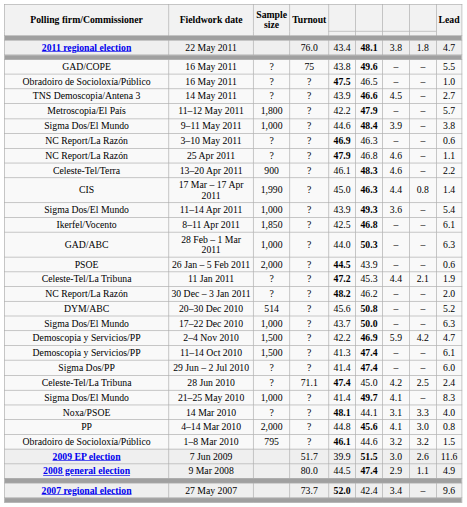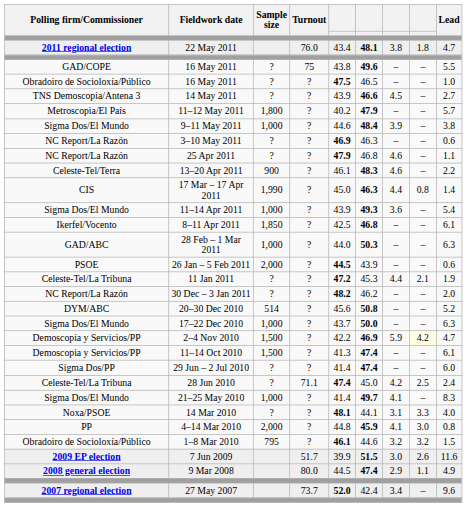 <table class="wikitable collapsible collapsed" style="text-align:center; font-size:95%; line-height:16px;">
 <tr style="height:42px;">
 <th style="width:250px;" rowspan="2">Polling firm/Commissioner</th>
 <th style="width:125px;" rowspan="2">Fieldwork date</th>
 <th style="width:50px;" rowspan="2">Sample size</th>
 <th style="width:45px;" rowspan="2">Turnout</th>
 <th style="width:35px;"></th>
 <th style="width:35px;"></th>
 <th style="width:35px;"></th>
 <th style="width:35px;"></th>
 <th style="width:30px;" rowspan="2">Lead</th>
 </tr>
 <tr>
 <th style="color:inherit;background:"></th>
 <th style="color:inherit;background:"></th>
 <th style="color:inherit;background:"></th>
 <th style="color:inherit;background:"></th>
 </tr>
 <tr>
 <td colspan="9" style="background:#A0A0A0"></td>
 </tr>
 <tr style="background:#EFEFEF;">
 <td><strong><a href='#'>2011 regional election</a></strong></td>
 <td>22 May 2011</td>
 <td></td>
 <td>76.0</td>
 <td>43.4<br></td>
 <td><strong>48.1</strong><br></td>
 <td>3.8<br></td>
 <td>1.8<br></td>
 <td style="background:">4.7</td>
 </tr>
 <tr>
 <td colspan="9" style="background:#A0A0A0"></td>
 </tr>
 <tr>
 <td>GAD/COPE</td>
 <td>16 May 2011</td>
 <td>?</td>
 <td>75</td>
 <td>43.8<br></td>
 <td><strong>49.6</strong><br></td>
 <td>–</td>
 <td>–</td>
 <td style="background:">5.5</td>
 </tr>
 <tr>
 <td>Obradoiro de Socioloxía/Público</td>
 <td>16 May 2011</td>
 <td>?</td>
 <td>?</td>
 <td><strong>47.5</strong><br></td>
 <td>46.5<br></td>
 <td>–</td>
 <td>–</td>
 <td style="background:">1.0</td>
 </tr>
 <tr>
 <td>TNS Demoscopia/Antena 3</td>
 <td>14 May 2011</td>
 <td>?</td>
 <td>?</td>
 <td>43.9<br></td>
 <td><strong>46.6</strong><br></td>
 <td>4.5<br></td>
 <td>–</td>
 <td style="background:">2.7</td>
 </tr>
 <tr>
 <td>Metroscopia/El País</td>
 <td>11–12 May 2011</td>
 <td>1,800</td>
 <td>?</td>
-<td>42.2<br></td>
+<td>40.2<br></td>
 <td><strong>47.9</strong><br></td>
 <td>–</td>
 <td>–</td>
 <td style="background:">5.7</td>
 </tr>
 <tr>
 <td>Sigma Dos/El Mundo</td>
 <td>9–11 May 2011</td>
 <td>1,000</td>
 <td>?</td>
 <td>44.6<br></td>
 <td><strong>48.4</strong><br></td>
 <td>3.9<br></td>
 <td>–</td>
 <td style="background:">3.8</td>
 </tr>
 <tr>
 <td>NC Report/La Razón</td>
 <td>3–10 May 2011</td>
 <td>?</td>
 <td>?</td>
 <td><strong>46.9</strong><br></td>
 <td>46.3<br></td>
 <td>–</td>
 <td>–</td>
 <td style="background:">0.6</td>
 </tr>
 <tr>
 <td>NC Report/La Razón</td>
 <td>25 Apr 2011</td>
 <td>?</td>
 <td>?</td>
 <td><strong>47.9</strong><br></td>
 <td>46.8<br></td>
 <td>4.6<br></td>
 <td>–</td>
 <td style="background:">1.1</td>
 </tr>
 <tr>
 <td>Celeste-Tel/Terra</td>
 <td>13–20 Apr 2011</td>
 <td>900</td>
 <td>?</td>
 <td>46.1<br></td>
 <td><strong>48.3</strong><br></td>
 <td>4.6<br></td>
 <td>–</td>
 <td style="background:">2.2</td>
 </tr>
 <tr>
 <td>CIS</td>
 <td>17 Mar – 17 Apr 2011</td>
 <td>1,990</td>
 <td>?</td>
 <td>45.0<br></td>
 <td><strong>46.3</strong><br></td>
 <td>4.4<br></td>
 <td>0.8<br></td>
 <td style="background:">1.4</td>
 </tr>
 <tr>
 <td>Sigma Dos/El Mundo</td>
 <td>11–14 Apr 2011</td>
 <td>1,000</td>
 <td>?</td>
 <td>43.9<br></td>
 <td><strong>49.3</strong><br></td>
 <td>3.6<br></td>
 <td>–</td>
 <td style="background:">5.4</td>
 </tr>
 <tr>
 <td>Ikerfel/Vocento</td>
 <td>8–11 Apr 2011</td>
 <td>1,850</td>
 <td>?</td>
 <td>42.5<br></td>
 <td><strong>46.8</strong><br></td>
 <td>–</td>
 <td>–</td>
 <td style="background:">6.1</td>
 </tr>
 <tr>
 <td>GAD/ABC</td>
 <td>28 Feb – 1 Mar 2011</td>
 <td>1,000</td>
 <td>?</td>
 <td>44.0<br></td>
 <td><strong>50.3</strong><br></td>
 <td>–</td>
 <td>–</td>
 <td style="background:">6.3</td>
 </tr>
 <tr>
 <td>PSOE</td>
 <td>26 Jan – 5 Feb 2011</td>
 <td>2,000</td>
 <td>?</td>
 <td><strong>44.5</strong><br></td>
 <td>43.9<br></td>
 <td>–</td>
 <td>–</td>
 <td style="background:">0.6</td>
 </tr>
 <tr>
 <td>Celeste-Tel/La Tribuna</td>
 <td>11 Jan 2011</td>
 <td>?</td>
 <td>?</td>
 <td><strong>47.2</strong><br></td>
 <td>45.3<br></td>
 <td>4.4<br></td>
 <td>2.1<br></td>
 <td style="background:">1.9</td>
 </tr>
 <tr>
 <td>NC Report/La Razón</td>
 <td>30 Dec – 3 Jan 2011</td>
 <td>?</td>
 <td>?</td>
 <td><strong>48.2</strong><br></td>
 <td>46.2<br></td>
 <td>–</td>
 <td>–</td>
 <td style="background:">2.0</td>
 </tr>
 <tr>
 <td>DYM/ABC</td>
 <td>20–30 Dec 2010</td>
 <td>514</td>
 <td>?</td>
 <td>45.6<br></td>
 <td><strong>50.8</strong><br></td>
 <td>–</td>
 <td>–</td>
 <td style="background:">5.2</td>
 </tr>
 <tr>
 <td>Sigma Dos/El Mundo</td>
 <td>17–22 Dec 2010</td>
 <td>1,000</td>
 <td>?</td>
 <td>43.7<br></td>
 <td><strong>50.0</strong><br></td>
 <td>–</td>
 <td>–</td>
 <td style="background:">6.3</td>
 </tr>
 <tr>
 <td>Demoscopia y Servicios/PP</td>
 <td>2–4 Nov 2010</td>
 <td>1,500</td>
 <td>?</td>
 <td>42.2<br></td>
 <td><strong>46.9</strong><br></td>
 <td>5.9<br></td>
-<td>4.2<br></td>
+<td style="background: lightyellow;">4.2<br></td>
 <td style="background:">4.7</td>
 </tr>
 <tr>
 <td>Demoscopia y Servicios/PP</td>
 <td>11–14 Oct 2010</td>
 <td>1,500</td>
 <td>?</td>
 <td>41.3<br></td>
 <td><strong>47.4</strong><br></td>
 <td>–</td>
 <td>–</td>
 <td style="background:">6.1</td>
 </tr>
 <tr>
 <td>Sigma Dos/PP</td>
 <td>29 Jun – 2 Jul 2010</td>
 <td>?</td>
 <td>?</td>
 <td>41.4<br></td>
 <td><strong>47.4</strong><br></td>
 <td>–</td>
 <td>–</td>
 <td style="background:">6.0</td>
 </tr>
 <tr>
 <td>Celeste-Tel/La Tribuna</td>
 <td>28 Jun 2010</td>
 <td>?</td>
 <td>71.1</td>
 <td><strong>47.4</strong><br></td>
 <td>45.0<br></td>
 <td>4.2<br></td>
 <td>2.5<br></td>
 <td style="background:">2.4</td>
 </tr>
 <tr>
 <td>Sigma Dos/El Mundo</td>
 <td>21–25 May 2010</td>
 <td>1,000</td>
 <td>?</td>
 <td>41.4<br></td>
 <td><strong>49.7</strong><br></td>
 <td>4.1<br></td>
 <td>–</td>
 <td style="background:">8.3</td>
 </tr>
 <tr>
 <td>Noxa/PSOE</td>
 <td>14 Mar 2010</td>
 <td>?</td>
 <td>?</td>
 <td><strong>48.1</strong><br></td>
 <td>44.1<br></td>
 <td>3.1<br></td>
 <td>3.3<br></td>
 <td style="background:">4.0</td>
 </tr>
 <tr>
 <td>PP</td>
 <td>4–14 Mar 2010</td>
 <td>2,000</td>
 <td>?</td>
 <td>44.8<br></td>
-<td><strong>45.6</strong><br></td>
+<td><strong>45.9</strong><br></td>
 <td>4.1<br></td>
 <td>3.0<br></td>
 <td style="background:">0.8</td>
 </tr>
 <tr>
 <td>Obradoiro de Socioloxía/Público</td>
 <td>1–8 Mar 2010</td>
 <td>795</td>
 <td>?</td>
 <td><strong>46.1</strong><br></td>
 <td>44.6<br></td>
 <td>3.2<br></td>
 <td>3.2<br></td>
 <td style="background:">1.5</td>
 </tr>
 <tr style="background:#EFEFEF;">
 <td><strong><a href='#'>2009 EP election</a></strong></td>
 <td>7 Jun 2009</td>
 <td></td>
 <td>51.7</td>
 <td>39.9<br></td>
 <td><strong>51.5</strong><br></td>
 <td>3.0<br></td>
 <td>2.6<br></td>
 <td style="background:">11.6</td>
 </tr>
 <tr style="background:#EFEFEF;">
 <td><strong><a href='#'>2008 general election</a></strong></td>
 <td>9 Mar 2008</td>
 <td></td>
 <td>80.0</td>
 <td>44.5<br></td>
 <td><strong>47.4</strong><br></td>
 <td>2.9<br></td>
 <td>1.1<br></td>
 <td style="background:">4.9</td>
 </tr>
 <tr>
 <td colspan="9" style="background:#A0A0A0"></td>
 </tr>
 <tr style="background:#EFEFEF;">
 <td><strong><a href='#'>2007 regional election</a></strong></td>
 <td>27 May 2007</td>
 <td></td>
 <td>73.7</td>
 <td><strong>52.0</strong><br></td>
 <td>42.4<br></td>
 <td>3.4<br></td>
 <td>–</td>
 <td style="background:">9.6</td>
 </tr>
 <tr>
 <td colspan="9" style="background:#A0A0A0"></td>
 </tr>
 </table>
